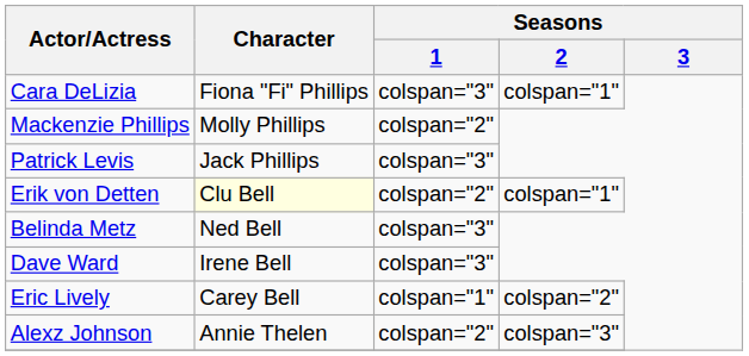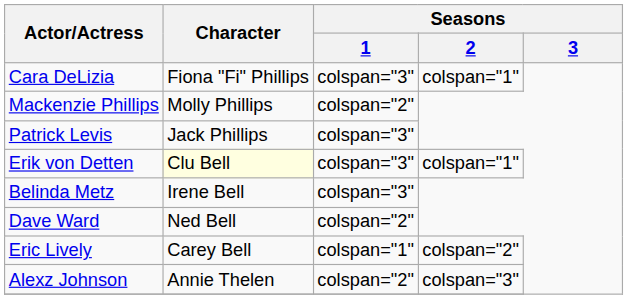 <table class="wikitable">
 <tr>
 <th rowspan=2 style=>Actor/Actress</th>
 <th rowspan=2 style=>Character</th>
 <th colspan=3>Seasons</th>
 </tr>
 <tr>
 <th style="width:60pt;"><a href='#'>1</a></th>
 <th style="width:60pt;"><a href='#'>2</a></th>
 <th style="width:60pt;"><a href='#'>3</a></th>
 </tr>
 <tr>
 <td><a href='#'>Cara DeLizia</a></td>
 <td>Fiona "Fi" Phillips</td>
 <td>colspan="3" </td>
 <td>colspan="1" </td>
 </tr>
 <tr>
 <td><a href='#'>Mackenzie Phillips</a></td>
 <td>Molly Phillips</td>
 <td>colspan="2" </td>
 </tr>
 <tr>
 <td><a href='#'>Patrick Levis</a></td>
 <td>Jack Phillips</td>
 <td>colspan="3" </td>
 </tr>
 <tr>
 <td><a href='#'>Erik von Detten</a></td>
 <td style="background: lightyellow;">Clu Bell</td>
-<td>colspan="2" </td>
+<td>colspan="3" </td>
 <td>colspan="1" </td>
 </tr>
 <tr>
 <td><a href='#'>Belinda Metz</a></td>
-<td>Ned Bell</td>
+<td>Irene Bell</td>
 <td>colspan="3" </td>
 </tr>
 <tr>
 <td><a href='#'>Dave Ward</a></td>
-<td>Irene Bell</td>
-<td>colspan="3" </td>
+<td>Ned Bell</td>
+<td>colspan="2" </td>
 </tr>
 <tr>
 <td><a href='#'>Eric Lively</a></td>
 <td>Carey Bell</td>
 <td>colspan="1" </td>
 <td>colspan="2" </td>
 </tr>
 <tr>
 <td><a href='#'>Alexz Johnson</a></td>
 <td>Annie Thelen</td>
 <td>colspan="2" </td>
 <td>colspan="3" </td>
 </tr>
 <tr>
 </tr>
 </table>
